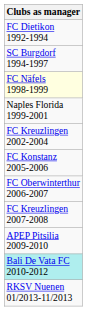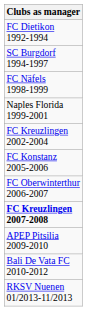 <table class="wikitable">
 <tr>
 <th>Clubs as manager</th>
 </tr>
 <tr>
 <td><a href='#'>FC Dietikon</a><br>1992-1994</td>
 </tr>
 <tr>
 <td><a href='#'>SC Burgdorf</a><br>1994-1997</td>
 </tr>
 <tr>
-<td style="background: lightyellow;"><a href='#'>FC Näfels</a><br>1998-1999</td>
+<td><a href='#'>FC Näfels</a><br>1998-1999</td>
 </tr>
 <tr>
 <td>Naples Florida<br>1999-2001</td>
 </tr>
 <tr>
 <td><a href='#'>FC Kreuzlingen</a><br>2002-2004</td>
 </tr>
 <tr>
 <td><a href='#'>FC Konstanz</a><br>2005-2006</td>
 </tr>
 <tr>
 <td><a href='#'>FC Oberwinterthur</a><br>2006-2007</td>
 </tr>
 <tr>
-<td><a href='#'>FC Kreuzlingen</a><br>2007-2008</td>
+<td><strong><a href='#'>FC Kreuzlingen</a><br>2007-2008</strong></td>
 </tr>
 <tr>
 <td><a href='#'>APEP Pitsilia</a><br>2009-2010</td>
 </tr>
 <tr>
-<td style="background: paleturquoise;"><a href='#'>Bali De Vata FC</a><br>2010-2012</td>
+<td><a href='#'>Bali De Vata FC</a><br>2010-2012</td>
 </tr>
 <tr>
 <td><a href='#'>RKSV Nuenen</a><br>01/2013-11/2013</td>
 </tr>
 </table>
